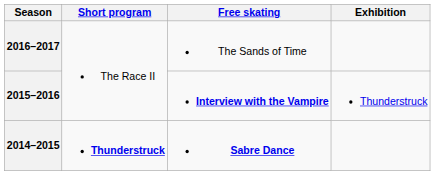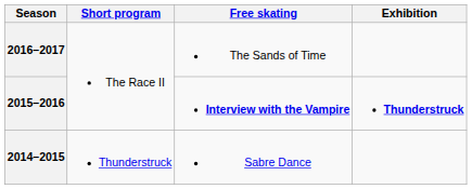 <table class=wikitable style=text-align:center>
 <tr>
 <th>Season</th>
 <th><a href='#'>Short program</a></th>
 <th><a href='#'>Free skating</a></th>
 <th>Exhibition</th>
 </tr>
 <tr>
 <th>2016–2017 <br> </th>
 <td rowspan=2><br><ul><li>The Race II <br></li></ul></td>
 <td><br><ul><li>The Sands of Time <br></li></ul></td>
 <td></td>
 </tr>
 <tr>
 <th>2015–2016 <br> </th>
 <td><strong><br><ul><li><a href='#'>Interview with the Vampire</a> <br></li></ul></strong></td>
-<td><br><ul><li><a href='#'>Thunderstruck</a> <br></li></ul></td>
+<td><strong><br><ul><li><a href='#'>Thunderstruck</a> <br></li></ul></strong></td>
 </tr>
 <tr>
 <th>2014–2015 <br> </th>
-<td><strong><br><ul><li><a href='#'>Thunderstruck</a> <br></li></ul></strong></td>
-<td><strong><br><ul><li><a href='#'>Sabre Dance</a> <br></li></ul></strong></td>
+<td><br><ul><li><a href='#'>Thunderstruck</a> <br></li></ul></td>
+<td><br><ul><li><a href='#'>Sabre Dance</a> <br></li></ul></td>
 <td></td>
 </tr>
 </table>
